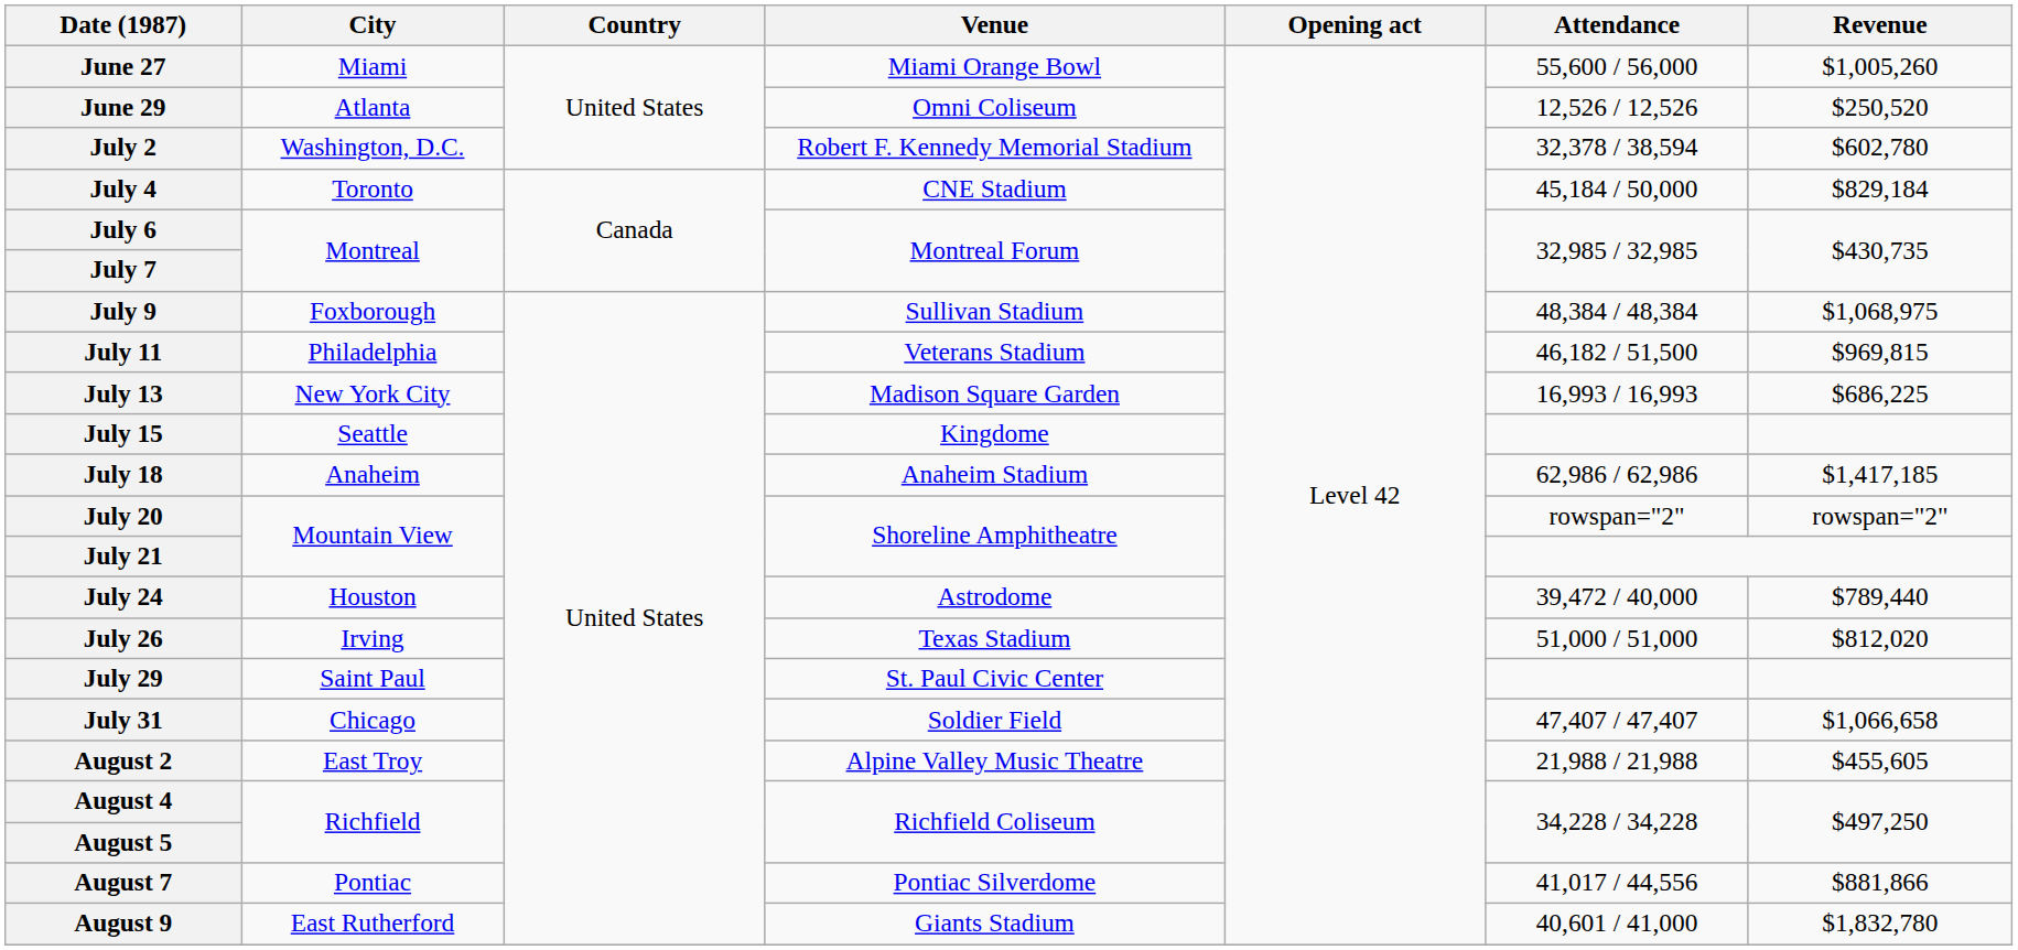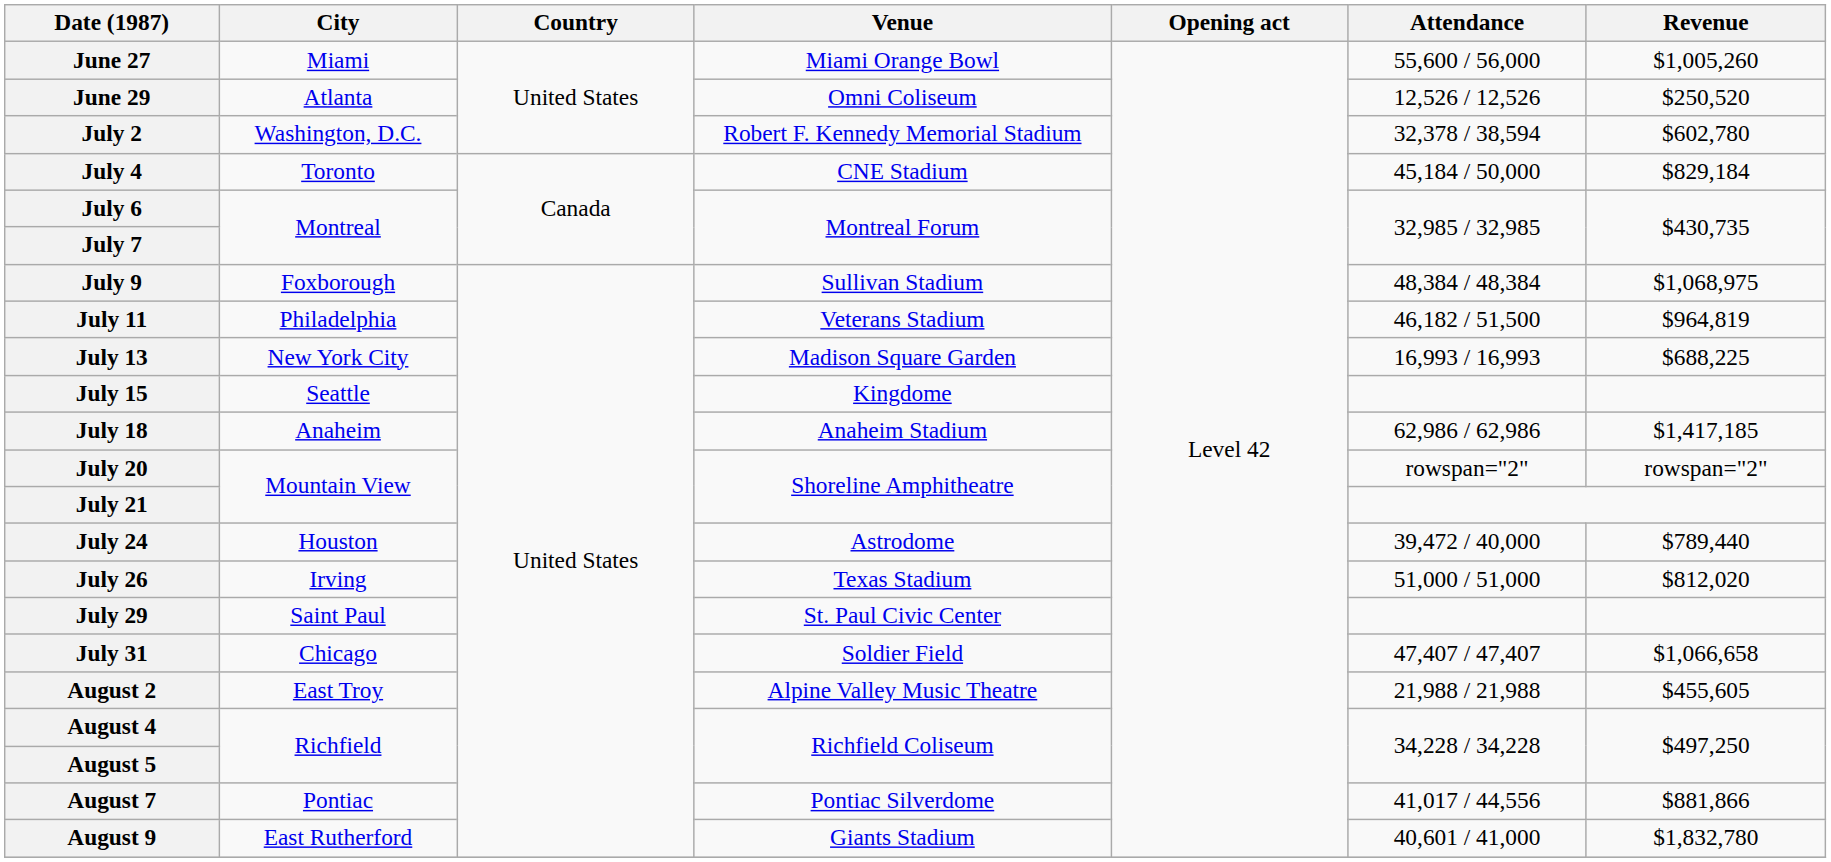 <table class="wikitable plainrowheaders" style="text-align:center;">
 <tr>
 <th scope="col" style="width:9em;">Date (1987)</th>
 <th scope="col" style="width:10em;">City</th>
 <th scope="col" style="width:10em;">Country</th>
 <th scope="col" style="width:18em;">Venue</th>
 <th scope="col" style="width:10em;">Opening act</th>
 <th scope="col" style="width:10em;">Attendance</th>
 <th scope="col" style="width:10em;">Revenue</th>
 </tr>
 <tr>
 <th scope="row" style="text-align:center;">June 27</th>
 <td><a href='#'>Miami</a></td>
 <td rowspan="3">United States</td>
 <td><a href='#'>Miami Orange Bowl</a></td>
 <td rowspan="22">Level 42</td>
 <td>55,600 / 56,000</td>
 <td>$1,005,260</td>
 </tr>
 <tr>
 <th scope="row" style="text-align:center;">June 29</th>
 <td><a href='#'>Atlanta</a></td>
 <td><a href='#'>Omni Coliseum</a></td>
 <td>12,526 / 12,526</td>
 <td>$250,520</td>
 </tr>
 <tr>
 <th scope="row" style="text-align:center;">July 2</th>
 <td><a href='#'>Washington, D.C.</a></td>
 <td><a href='#'>Robert F. Kennedy Memorial Stadium</a></td>
 <td>32,378 / 38,594</td>
 <td>$602,780</td>
 </tr>
 <tr>
 <th scope="row" style="text-align:center;">July 4</th>
 <td><a href='#'>Toronto</a></td>
 <td rowspan="3">Canada</td>
 <td><a href='#'>CNE Stadium</a></td>
 <td>45,184 / 50,000</td>
 <td>$829,184</td>
 </tr>
 <tr>
 <th scope="row" style="text-align:center;">July 6</th>
 <td rowspan="2"><a href='#'>Montreal</a></td>
 <td rowspan="2"><a href='#'>Montreal Forum</a></td>
 <td rowspan="2">32,985 / 32,985</td>
 <td rowspan="2">$430,735</td>
 </tr>
 <tr>
 <th scope="row" style="text-align:center;">July 7</th>
 </tr>
 <tr>
 <th scope="row" style="text-align:center;">July 9</th>
 <td><a href='#'>Foxborough</a></td>
 <td rowspan="16">United States</td>
 <td><a href='#'>Sullivan Stadium</a></td>
 <td>48,384 / 48,384</td>
 <td>$1,068,975</td>
 </tr>
 <tr>
 <th scope="row" style="text-align:center;">July 11</th>
 <td><a href='#'>Philadelphia</a></td>
 <td><a href='#'>Veterans Stadium</a></td>
 <td>46,182 / 51,500</td>
-<td>$969,815</td>
+<td>$964,819</td>
 </tr>
 <tr>
 <th scope="row" style="text-align:center;">July 13</th>
 <td><a href='#'>New York City</a></td>
 <td><a href='#'>Madison Square Garden</a></td>
 <td>16,993 / 16,993</td>
-<td>$686,225</td>
+<td>$688,225</td>
 </tr>
 <tr>
 <th scope="row" style="text-align:center;">July 15</th>
 <td><a href='#'>Seattle</a></td>
 <td><a href='#'>Kingdome</a></td>
 <td></td>
 <td></td>
 </tr>
 <tr>
 <th scope="row" style="text-align:center;">July 18</th>
 <td><a href='#'>Anaheim</a></td>
 <td><a href='#'>Anaheim Stadium</a></td>
 <td>62,986 / 62,986</td>
 <td>$1,417,185</td>
 </tr>
 <tr>
 <th scope="row" style="text-align:center;">July 20</th>
 <td rowspan="2"><a href='#'>Mountain View</a></td>
 <td rowspan="2"><a href='#'>Shoreline Amphitheatre</a></td>
 <td>rowspan="2" </td>
 <td>rowspan="2" </td>
 </tr>
 <tr>
 <th scope="row" style="text-align:center;">July 21</th>
 </tr>
 <tr>
 <th scope="row" style="text-align:center;">July 24</th>
 <td><a href='#'>Houston</a></td>
 <td><a href='#'>Astrodome</a></td>
 <td>39,472 / 40,000</td>
 <td>$789,440</td>
 </tr>
 <tr>
 <th scope="row" style="text-align:center;">July 26</th>
 <td><a href='#'>Irving</a></td>
 <td><a href='#'>Texas Stadium</a></td>
 <td>51,000 / 51,000</td>
 <td>$812,020</td>
 </tr>
 <tr>
 <th scope="row" style="text-align:center;">July 29</th>
 <td><a href='#'>Saint Paul</a></td>
 <td><a href='#'>St. Paul Civic Center</a></td>
 <td></td>
 <td></td>
 </tr>
 <tr>
 <th scope="row" style="text-align:center;">July 31</th>
 <td><a href='#'>Chicago</a></td>
 <td><a href='#'>Soldier Field</a></td>
 <td>47,407 / 47,407</td>
 <td>$1,066,658</td>
 </tr>
 <tr>
 <th scope="row" style="text-align:center;">August 2</th>
 <td><a href='#'>East Troy</a></td>
 <td><a href='#'>Alpine Valley Music Theatre</a></td>
 <td>21,988 / 21,988</td>
 <td>$455,605</td>
 </tr>
 <tr>
 <th scope="row" style="text-align:center;">August 4</th>
 <td rowspan="2"><a href='#'>Richfield</a></td>
 <td rowspan="2"><a href='#'>Richfield Coliseum</a></td>
 <td rowspan="2">34,228 / 34,228</td>
 <td rowspan="2">$497,250</td>
 </tr>
 <tr>
 <th scope="row" style="text-align:center;">August 5</th>
 </tr>
 <tr>
 <th scope="row" style="text-align:center;">August 7</th>
 <td><a href='#'>Pontiac</a></td>
 <td><a href='#'>Pontiac Silverdome</a></td>
 <td>41,017 / 44,556</td>
 <td>$881,866</td>
 </tr>
 <tr>
 <th scope="row" style="text-align:center;">August 9</th>
 <td><a href='#'>East Rutherford</a></td>
 <td><a href='#'>Giants Stadium</a></td>
 <td>40,601 / 41,000</td>
 <td>$1,832,780</td>
 </tr>
 <tr>
 </tr>
 </table>
